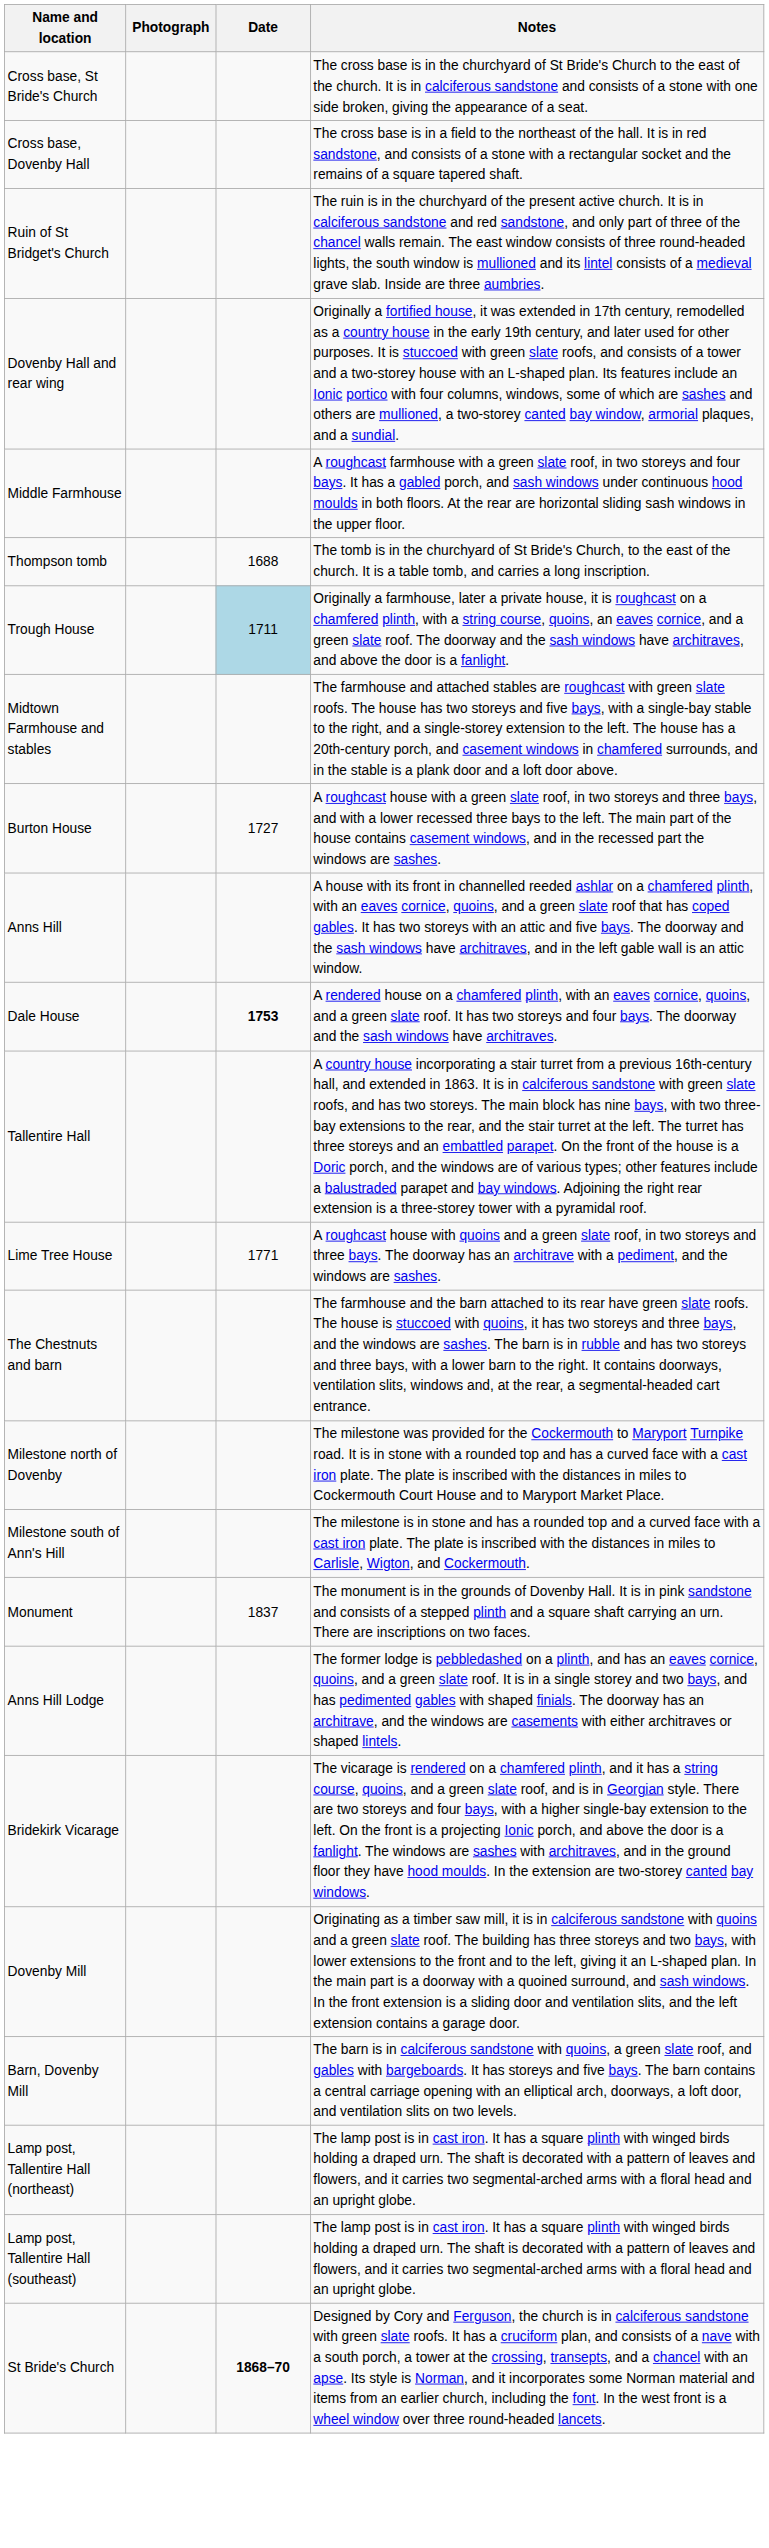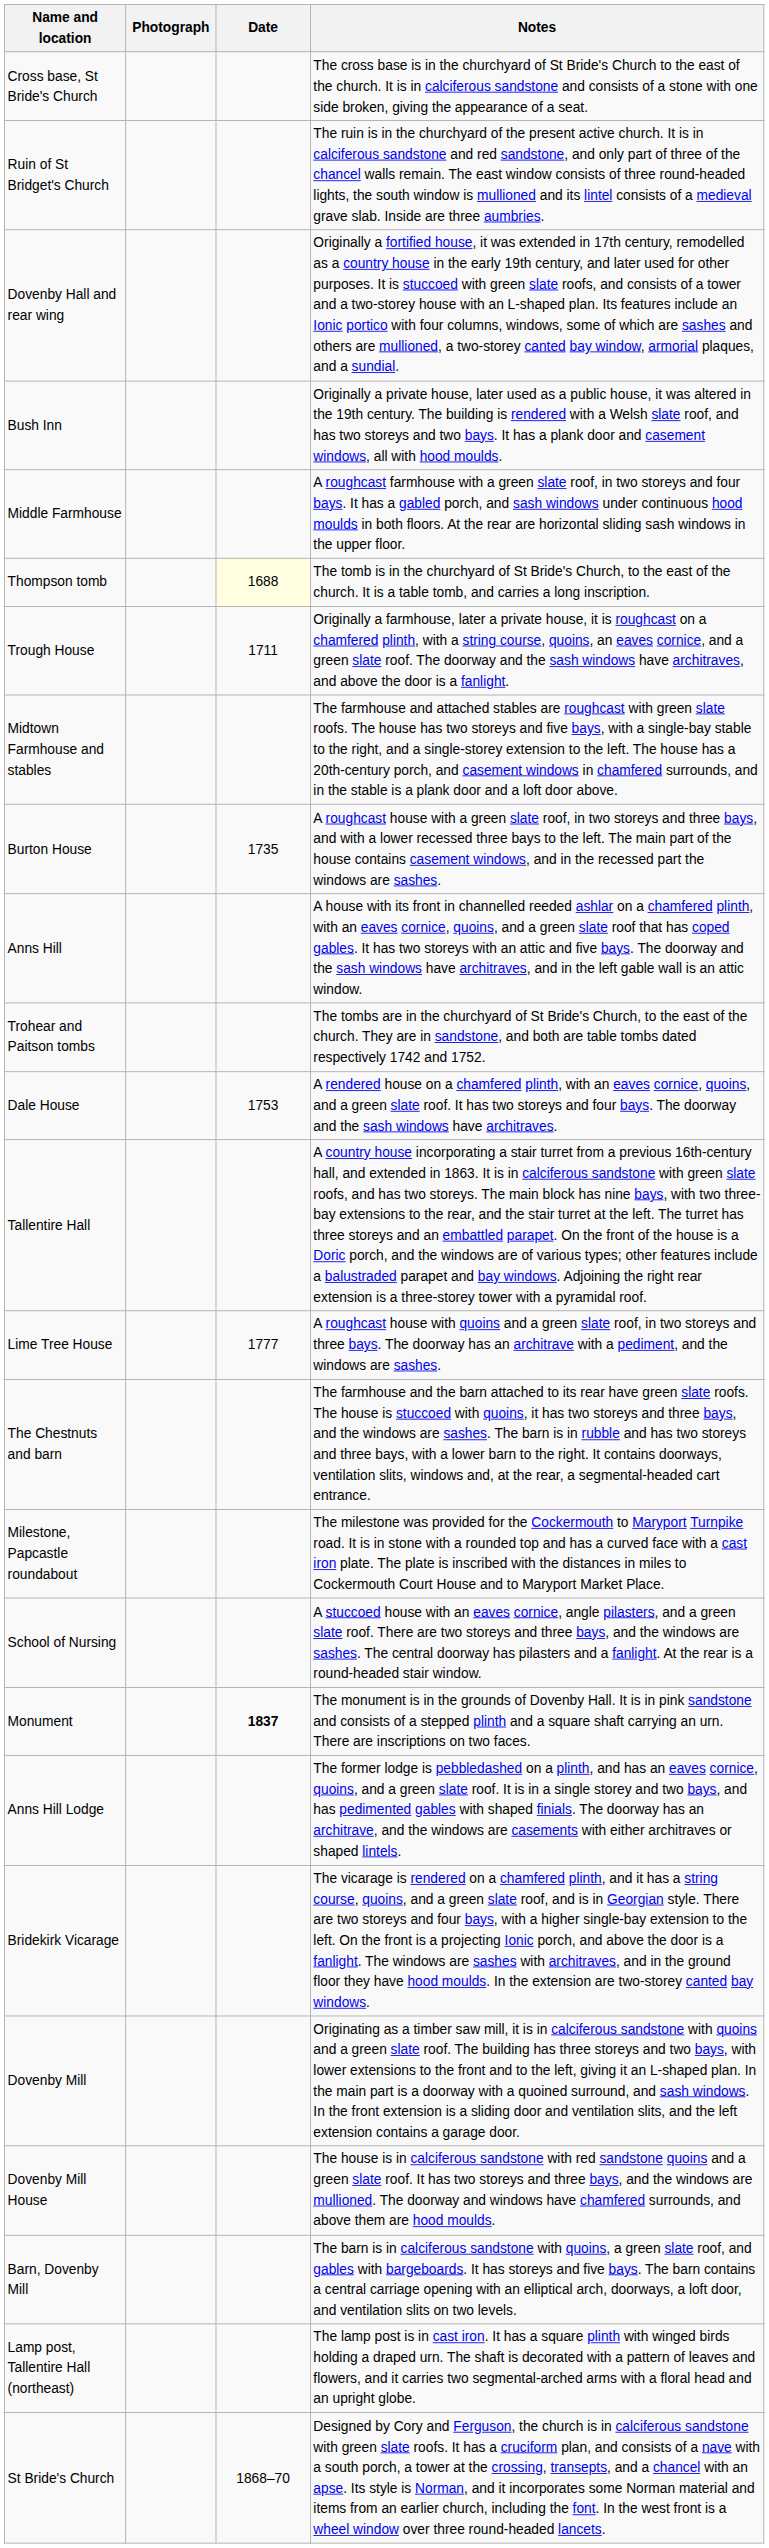 <table class="wikitable sortable plainrowheaders" style="width:100%;border:0px;text-align:left;line-height:150%;">
 <tr>
 <th scope="col"  style="width:150px">Name and location</th>
 <th scope="col"  style="width:100px" class="unsortable">Photograph</th>
 <th scope="col"  style="width:120px">Date</th>
 <th scope="col"  style="width:650px" class="unsortable">Notes</th>
 </tr>
 <tr>
 <td>Cross base, St Bride's Church<br><small></small></td>
 <td></td>
 <td align="center"></td>
 <td>The cross base is in the churchyard of St Bride's Church to the east of the church.  It is in <a href='#'>calciferous sandstone</a> and consists of a stone with one side broken, giving the appearance of a seat.</td>
 </tr>
 <tr>
-<td>Cross base, Dovenby Hall<br><small></small></td>
-<td></td>
-<td align="center"></td>
-<td>The cross base is in a field to the northeast of the hall.  It is in red <a href='#'>sandstone</a>, and consists of a stone with a rectangular socket and the remains of a square tapered shaft.</td>
-</tr>
-<tr>
 <td>Ruin of St Bridget's Church<br><small></small></td>
 <td></td>
 <td align="center"></td>
 <td>The ruin is in the churchyard of the present active church.  It is in <a href='#'>calciferous sandstone</a> and red <a href='#'>sandstone</a>, and only part of three of the <a href='#'>chancel</a> walls remain.  The east window consists of three round-headed lights, the south window is <a href='#'>mullioned</a> and its <a href='#'>lintel</a> consists of a <a href='#'>medieval</a> grave slab.  Inside are three <a href='#'>aumbries</a>.</td>
 </tr>
 <tr>
 <td>Dovenby Hall and rear wing<br><small></small></td>
 <td></td>
 <td align="center"></td>
 <td>Originally a <a href='#'>fortified house</a>, it was extended in 17th century, remodelled as a <a href='#'>country house</a> in the early 19th century, and later used for other purposes.  It is <a href='#'>stuccoed</a> with green <a href='#'>slate</a> roofs, and consists of a tower and a two-storey house with an L-shaped plan.  Its features include an <a href='#'>Ionic</a> <a href='#'>portico</a> with four columns, windows, some of which are <a href='#'>sashes</a> and others are <a href='#'>mullioned</a>, a two-storey <a href='#'>canted</a> <a href='#'>bay window</a>, <a href='#'>armorial</a> plaques, and a <a href='#'>sundial</a>.</td>
 </tr>
 <tr>
+<td>Bush Inn<br><small></small></td>
+<td></td>
+<td align="center"></td>
+<td>Originally a private house, later used as a public house, it was altered in the 19th century.  The building is <a href='#'>rendered</a> with a Welsh <a href='#'>slate</a> roof, and has two storeys and two <a href='#'>bays</a>.  It has a plank door and <a href='#'>casement windows</a>, all with <a href='#'>hood moulds</a>.</td>
+</tr>
+<tr>
 <td>Middle Farmhouse<br><small></small></td>
 <td></td>
 <td align="center"></td>
 <td>A <a href='#'>roughcast</a> farmhouse with a green <a href='#'>slate</a> roof, in two storeys and four <a href='#'>bays</a>.  It has a <a href='#'>gabled</a> porch, and <a href='#'>sash windows</a> under continuous <a href='#'>hood moulds</a> in both floors.  At the rear are horizontal sliding sash windows in the upper floor.</td>
 </tr>
 <tr>
 <td>Thompson tomb<br><small></small></td>
 <td></td>
-<td align="center">1688</td>
+<td align="center" style="background: lightyellow;">1688</td>
 <td>The tomb is in the churchyard of St Bride's Church, to the east of the church.  It is a table tomb, and carries a long inscription.</td>
 </tr>
 <tr>
 <td>Trough House<br><small></small></td>
 <td></td>
-<td align="center" style="background: lightblue;">1711</td>
+<td align="center">1711</td>
 <td>Originally a farmhouse, later a private house, it is <a href='#'>roughcast</a> on a <a href='#'>chamfered</a> <a href='#'>plinth</a>, with a <a href='#'>string course</a>, <a href='#'>quoins</a>, an <a href='#'>eaves</a> <a href='#'>cornice</a>, and a green <a href='#'>slate</a> roof.  The doorway and the <a href='#'>sash windows</a> have <a href='#'>architraves</a>, and above the door is a <a href='#'>fanlight</a>.</td>
 </tr>
 <tr>
 <td>Midtown Farmhouse and stables<br><small></small></td>
 <td></td>
 <td align="center"></td>
 <td>The farmhouse and attached stables are <a href='#'>roughcast</a> with green <a href='#'>slate</a> roofs.  The house has two storeys and five <a href='#'>bays</a>, with a single-bay stable to the right, and a single-storey extension to the left.  The house has a 20th-century porch, and <a href='#'>casement windows</a> in <a href='#'>chamfered</a> surrounds, and in the stable is a plank door and a loft door above.</td>
 </tr>
 <tr>
 <td>Burton House<br><small></small></td>
 <td></td>
-<td align="center">1727</td>
+<td align="center">1735</td>
 <td>A <a href='#'>roughcast</a> house with a green <a href='#'>slate</a> roof, in two storeys and three <a href='#'>bays</a>, and with a lower recessed three bays to the left.  The main part of the house contains <a href='#'>casement windows</a>, and in the recessed part the windows are <a href='#'>sashes</a>.</td>
 </tr>
 <tr>
 <td>Anns Hill<br><small></small></td>
 <td></td>
 <td align="center"></td>
 <td>A house with its front in channelled reeded <a href='#'>ashlar</a> on a <a href='#'>chamfered</a> <a href='#'>plinth</a>, with an <a href='#'>eaves</a> <a href='#'>cornice</a>, <a href='#'>quoins</a>, and a green <a href='#'>slate</a> roof that has <a href='#'>coped</a> <a href='#'>gables</a>.  It has two storeys with an attic and five <a href='#'>bays</a>.  The doorway and the <a href='#'>sash windows</a> have <a href='#'>architraves</a>, and in the left gable wall is an attic window.</td>
 </tr>
 <tr>
+<td>Trohear and Paitson tombs<br><small></small></td>
+<td></td>
+<td align="center"></td>
+<td>The tombs are in the churchyard of St Bride's Church, to the east of the church.  They are in <a href='#'>sandstone</a>, and both are table tombs dated respectively 1742 and 1752.</td>
+</tr>
+<tr>
 <td>Dale House<br><small></small></td>
 <td></td>
-<td align="center"><strong>1753</strong></td>
+<td align="center">1753</td>
 <td>A <a href='#'>rendered</a> house on a <a href='#'>chamfered</a> <a href='#'>plinth</a>, with an <a href='#'>eaves</a> <a href='#'>cornice</a>, <a href='#'>quoins</a>, and a green <a href='#'>slate</a> roof.  It has two storeys and four <a href='#'>bays</a>.  The doorway and the <a href='#'>sash windows</a> have <a href='#'>architraves</a>.</td>
 </tr>
 <tr>
 <td>Tallentire Hall<br><small></small></td>
 <td></td>
 <td align="center"></td>
 <td>A <a href='#'>country house</a> incorporating a stair turret from a previous 16th-century hall, and extended in 1863.  It is in <a href='#'>calciferous sandstone</a> with green <a href='#'>slate</a> roofs, and has two storeys.  The main block has nine <a href='#'>bays</a>, with two three-bay extensions to the rear, and the stair turret at the left.  The turret has three storeys and an <a href='#'>embattled</a> <a href='#'>parapet</a>.  On the front of the house is a <a href='#'>Doric</a> porch, and the windows are of various types; other features include a <a href='#'>balustraded</a> parapet and <a href='#'>bay windows</a>.  Adjoining the right rear extension is a three-storey tower with a pyramidal roof.</td>
 </tr>
 <tr>
 <td>Lime Tree House<br><small></small></td>
 <td></td>
-<td align="center">1771</td>
+<td align="center">1777</td>
 <td>A <a href='#'>roughcast</a> house with <a href='#'>quoins</a> and a green <a href='#'>slate</a> roof, in two storeys and three <a href='#'>bays</a>.  The doorway has an <a href='#'>architrave</a> with a <a href='#'>pediment</a>, and the windows are <a href='#'>sashes</a>.</td>
 </tr>
 <tr>
 <td>The Chestnuts and barn<br><small></small></td>
 <td></td>
 <td align="center"></td>
 <td>The farmhouse and the barn attached to its rear have green <a href='#'>slate</a> roofs.  The house is <a href='#'>stuccoed</a> with <a href='#'>quoins</a>, it has two storeys and three <a href='#'>bays</a>, and the windows are <a href='#'>sashes</a>.  The barn is in <a href='#'>rubble</a> and has two storeys and three bays, with a lower barn to the right.  It contains doorways, ventilation slits, windows and, at the rear, a segmental-headed cart entrance.</td>
 </tr>
 <tr>
-<td>Milestone north of Dovenby<br><small></small></td>
+<td>Milestone, Papcastle roundabout<br><small></small></td>
 <td></td>
 <td align="center"></td>
 <td>The milestone was provided for the <a href='#'>Cockermouth</a> to <a href='#'>Maryport</a> <a href='#'>Turnpike</a> road.  It is in stone with a rounded top and has a curved face with a <a href='#'>cast iron</a> plate.  The plate is inscribed with the distances in miles to Cockermouth Court House and to Maryport Market Place.</td>
 </tr>
 <tr>
-<td>Milestone south of Ann's Hill<br><small></small></td>
+<td>School of Nursing<br><small></small></td>
 <td></td>
 <td align="center"></td>
-<td>The milestone is in stone and has a rounded top and a curved face with a <a href='#'>cast iron</a> plate.  The plate is inscribed with the distances in miles to <a href='#'>Carlisle</a>, <a href='#'>Wigton</a>, and <a href='#'>Cockermouth</a>.</td>
+<td>A <a href='#'>stuccoed</a> house with an <a href='#'>eaves</a> <a href='#'>cornice</a>, angle <a href='#'>pilasters</a>, and a green <a href='#'>slate</a> roof.  There are two storeys and three <a href='#'>bays</a>, and the windows are <a href='#'>sashes</a>.  The central doorway has pilasters and a <a href='#'>fanlight</a>.  At the rear is a round-headed stair window.</td>
 </tr>
 <tr>
 <td>Monument<br><small></small></td>
 <td></td>
-<td align="center">1837</td>
+<td align="center"><strong>1837</strong></td>
 <td>The monument is in the grounds of Dovenby Hall.  It is in pink <a href='#'>sandstone</a> and consists of a stepped <a href='#'>plinth</a> and a square shaft carrying an urn.  There are inscriptions on two faces.</td>
 </tr>
 <tr>
 <td>Anns Hill Lodge<br><small></small></td>
 <td></td>
 <td align="center"></td>
 <td>The former lodge is <a href='#'>pebbledashed</a> on a <a href='#'>plinth</a>, and has an <a href='#'>eaves</a> <a href='#'>cornice</a>, <a href='#'>quoins</a>, and a green <a href='#'>slate</a> roof.  It is in a single storey and two <a href='#'>bays</a>, and has <a href='#'>pedimented</a> <a href='#'>gables</a> with shaped <a href='#'>finials</a>.  The doorway has an <a href='#'>architrave</a>, and the windows are <a href='#'>casements</a> with either architraves or shaped <a href='#'>lintels</a>.</td>
 </tr>
 <tr>
 <td>Bridekirk Vicarage<br><small></small></td>
 <td></td>
 <td align="center"></td>
 <td>The vicarage is <a href='#'>rendered</a> on a <a href='#'>chamfered</a> <a href='#'>plinth</a>, and it has a <a href='#'>string course</a>, <a href='#'>quoins</a>, and a green <a href='#'>slate</a> roof, and is in <a href='#'>Georgian</a> style.  There are two storeys and four <a href='#'>bays</a>, with a higher single-bay extension to the left.  On the front is a projecting <a href='#'>Ionic</a> porch, and above the door is a <a href='#'>fanlight</a>.  The windows are <a href='#'>sashes</a> with <a href='#'>architraves</a>, and in the ground floor they have <a href='#'>hood moulds</a>.  In the extension are two-storey <a href='#'>canted</a> <a href='#'>bay windows</a>.</td>
 </tr>
 <tr>
 <td>Dovenby Mill<br><small></small></td>
 <td></td>
 <td align="center"></td>
 <td>Originating as a timber saw mill, it is in <a href='#'>calciferous sandstone</a> with <a href='#'>quoins</a> and a green <a href='#'>slate</a> roof.  The building has three storeys and two <a href='#'>bays</a>, with lower extensions to the front and to the left, giving it an L-shaped plan.  In the main part is a doorway with a quoined surround, and <a href='#'>sash windows</a>.  In the front extension is a sliding door and ventilation slits, and the left extension contains a garage door.</td>
 </tr>
 <tr>
+<td>Dovenby Mill House<br><small></small></td>
+<td></td>
+<td align="center"></td>
+<td>The house is in <a href='#'>calciferous sandstone</a> with red <a href='#'>sandstone</a> <a href='#'>quoins</a> and a green <a href='#'>slate</a> roof.  It has two storeys and three <a href='#'>bays</a>, and the windows are <a href='#'>mullioned</a>.  The doorway and windows have <a href='#'>chamfered</a> surrounds, and above them are <a href='#'>hood moulds</a>.</td>
+</tr>
+<tr>
 <td>Barn, Dovenby Mill<br><small></small></td>
 <td></td>
 <td align="center"></td>
 <td>The barn is in <a href='#'>calciferous sandstone</a> with <a href='#'>quoins</a>, a green <a href='#'>slate</a> roof, and <a href='#'>gables</a> with <a href='#'>bargeboards</a>.  It has  storeys and five <a href='#'>bays</a>.  The barn contains a central carriage opening with an elliptical arch, doorways, a loft door, and ventilation slits on two levels.</td>
 </tr>
 <tr>
 <td>Lamp post, Tallentire Hall (northeast)<br><small></small></td>
 <td></td>
 <td align="center"></td>
 <td>The lamp post is in <a href='#'>cast iron</a>.  It has a square <a href='#'>plinth</a> with winged birds holding a draped urn.  The shaft is decorated with a pattern of leaves and flowers, and it carries two segmental-arched arms with a floral head and an upright globe.</td>
 </tr>
 <tr>
-<td>Lamp post, Tallentire Hall (southeast)<br><small></small></td>
-<td></td>
-<td align="center"></td>
-<td>The lamp post is in <a href='#'>cast iron</a>.  It has a square <a href='#'>plinth</a> with winged birds holding a draped urn.  The shaft is decorated with a pattern of leaves and flowers, and it carries two segmental-arched arms with a floral head and an upright globe.</td>
-</tr>
-<tr>
 <td>St Bride's Church<br><small></small></td>
 <td></td>
-<td align="center"><strong>1868–70</strong></td>
+<td align="center">1868–70</td>
 <td>Designed by Cory and <a href='#'>Ferguson</a>, the church is in <a href='#'>calciferous sandstone</a> with green <a href='#'>slate</a> roofs.  It has a <a href='#'>cruciform</a> plan, and consists of a <a href='#'>nave</a> with a south porch, a tower at the <a href='#'>crossing</a>, <a href='#'>transepts</a>, and a <a href='#'>chancel</a> with an <a href='#'>apse</a>.  Its style is <a href='#'>Norman</a>, and it incorporates some Norman material and items from an earlier church, including the <a href='#'>font</a>.  In the west front is a <a href='#'>wheel window</a> over three round-headed <a href='#'>lancets</a>.</td>
 </tr>
 <tr>
 </tr>
 </table>
